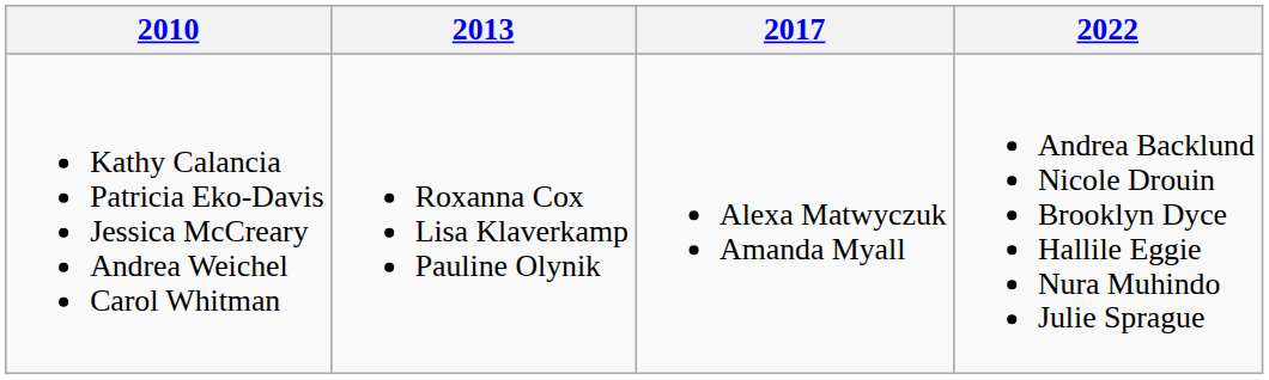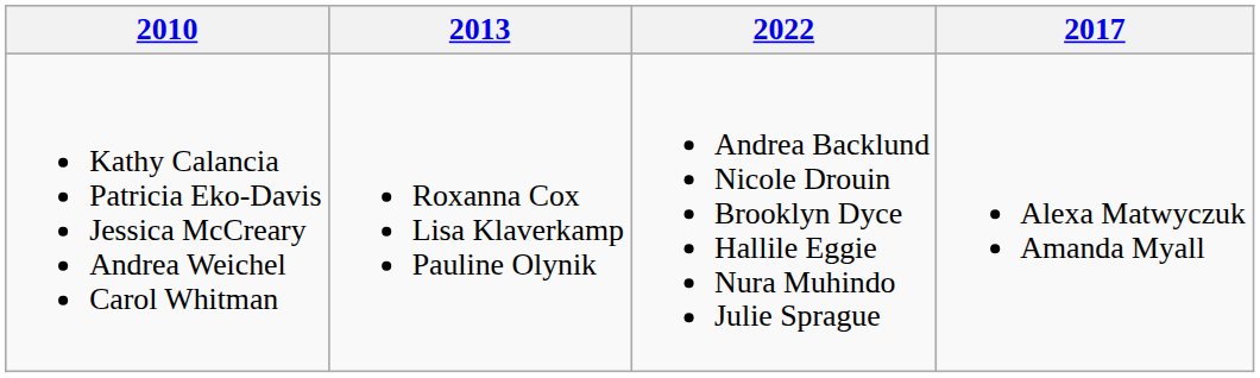 <table class="wikitable">
 <tr>
 <th><a href='#'>2010</a></th>
 <th><a href='#'>2013</a></th>
+<th><a href='#'>2022</a></th>
 <th><a href='#'>2017</a></th>
-<th><a href='#'>2022</a></th>
 </tr>
 <tr>
 <td><br><ul><li>Kathy Calancia</li><li>Patricia Eko-Davis</li><li>Jessica McCreary</li><li>Andrea Weichel</li><li>Carol Whitman</li></ul></td>
 <td><br><ul><li>Roxanna Cox</li><li>Lisa Klaverkamp</li><li>Pauline Olynik</li></ul></td>
+<td><br><ul><li>Andrea Backlund</li><li>Nicole Drouin</li><li>Brooklyn Dyce</li><li>Hallile Eggie</li><li>Nura Muhindo</li><li>Julie Sprague</li></ul></td>
 <td><br><ul><li>Alexa Matwyczuk</li><li>Amanda Myall</li></ul></td>
-<td><br><ul><li>Andrea Backlund</li><li>Nicole Drouin</li><li>Brooklyn Dyce</li><li>Hallile Eggie</li><li>Nura Muhindo</li><li>Julie Sprague</li></ul></td>
 </tr>
 </table>
